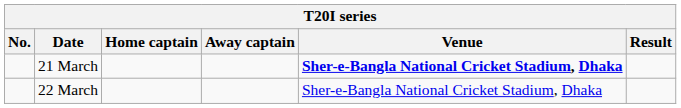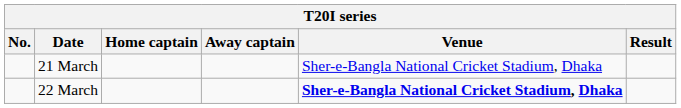 <table class="wikitable">
 <tr>
 <th colspan="9">T20I series</th>
 </tr>
 <tr>
 <th>No.</th>
 <th>Date</th>
 <th>Home captain</th>
 <th>Away captain</th>
 <th>Venue</th>
 <th>Result</th>
 </tr>
 <tr>
 <td></td>
 <td>21 March</td>
 <td></td>
 <td></td>
-<td><strong><a href='#'>Sher-e-Bangla National Cricket Stadium</a>, <a href='#'>Dhaka</a></strong></td>
+<td><a href='#'>Sher-e-Bangla National Cricket Stadium</a>, <a href='#'>Dhaka</a></td>
 <td></td>
 </tr>
 <tr>
 <td></td>
 <td>22 March</td>
 <td></td>
 <td></td>
-<td><a href='#'>Sher-e-Bangla National Cricket Stadium</a>, <a href='#'>Dhaka</a></td>
+<td><strong><a href='#'>Sher-e-Bangla National Cricket Stadium</a>, <a href='#'>Dhaka</a></strong></td>
 <td></td>
 </tr>
 </table>
